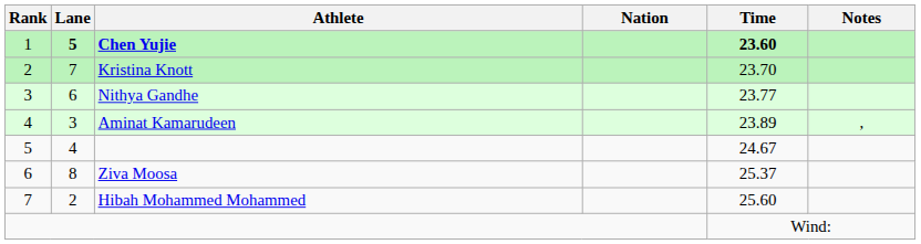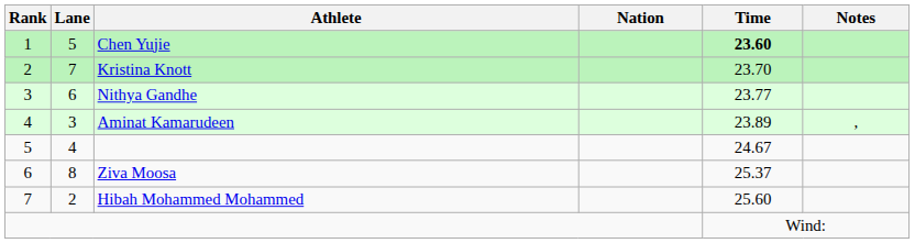 <table class="wikitable sortable" style="text-align:center;width: 70%;">
 <tr>
 <th scope="col" style="width: 10px;">Rank</th>
 <th scope="col" style="width: 10px;">Lane</th>
 <th scope="col">Athlete</th>
 <th scope="col">Nation</th>
 <th scope="col">Time</th>
 <th scope="col">Notes</th>
 </tr>
 <tr bgcolor=bbf3bb>
 <td>1</td>
-<td><strong>5</strong></td>
-<td align="left"><strong><a href='#'>Chen Yujie</a></strong></td>
+<td>5</td>
+<td align="left"><a href='#'>Chen Yujie</a></td>
 <td align="left"></td>
 <td><strong>23.60</strong></td>
 <td></td>
 </tr>
 <tr bgcolor=bbf3bb>
 <td>2</td>
 <td>7</td>
 <td align="left"><a href='#'>Kristina Knott</a></td>
 <td align="left"></td>
 <td>23.70</td>
 <td></td>
 </tr>
 <tr bgcolor=ddffdd>
 <td>3</td>
 <td>6</td>
 <td align="left"><a href='#'>Nithya Gandhe</a></td>
 <td align="left"></td>
 <td>23.77</td>
 <td></td>
 </tr>
 <tr bgcolor=ddffdd>
 <td>4</td>
 <td>3</td>
 <td align="left"><a href='#'>Aminat Kamarudeen</a></td>
 <td align="left"></td>
 <td>23.89</td>
 <td>, </td>
 </tr>
 <tr>
 <td>5</td>
 <td>4</td>
 <td align="left"></td>
 <td align="left"></td>
 <td>24.67</td>
 <td></td>
 </tr>
 <tr>
 <td>6</td>
 <td>8</td>
 <td align="left"><a href='#'>Ziva Moosa</a></td>
 <td align="left"></td>
 <td>25.37</td>
 <td></td>
 </tr>
 <tr>
 <td>7</td>
 <td>2</td>
 <td align="left"><a href='#'>Hibah Mohammed Mohammed</a></td>
 <td align="left"></td>
 <td>25.60</td>
 <td></td>
 </tr>
 <tr class="sortbottom">
 <td colspan="4"></td>
 <td colspan="2">Wind: </td>
 </tr>
 </table>
